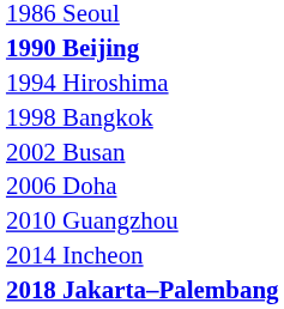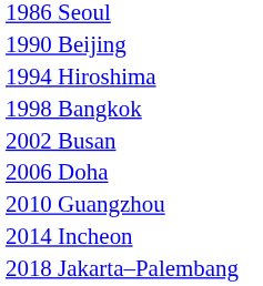 <table>
 <tr>
 <td><a href='#'>1986 Seoul</a></td>
 <td></td>
 <td></td>
 <td></td>
 </tr>
 <tr>
-<td><strong><a href='#'>1990 Beijing</a></strong></td>
+<td><a href='#'>1990 Beijing</a></td>
 <td></td>
 <td></td>
 <td></td>
 </tr>
 <tr>
 <td><a href='#'>1994 Hiroshima</a></td>
 <td></td>
 <td></td>
 <td></td>
 </tr>
 <tr>
 <td><a href='#'>1998 Bangkok</a></td>
 <td></td>
 <td></td>
 <td></td>
 </tr>
 <tr>
 <td><a href='#'>2002 Busan</a></td>
 <td></td>
 <td></td>
 <td></td>
 </tr>
 <tr>
 <td><a href='#'>2006 Doha</a></td>
 <td></td>
 <td></td>
 <td></td>
 </tr>
 <tr>
 <td><a href='#'>2010 Guangzhou</a></td>
 <td></td>
 <td></td>
 <td></td>
 </tr>
 <tr>
 <td><a href='#'>2014 Incheon</a></td>
 <td></td>
 <td></td>
 <td></td>
 </tr>
 <tr>
-<td><strong><a href='#'>2018 Jakarta–Palembang</a></strong></td>
+<td><a href='#'>2018 Jakarta–Palembang</a></td>
 <td></td>
 <td></td>
 <td></td>
 </tr>
 </table>
